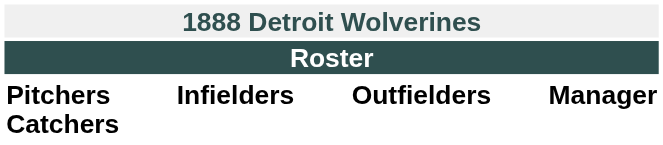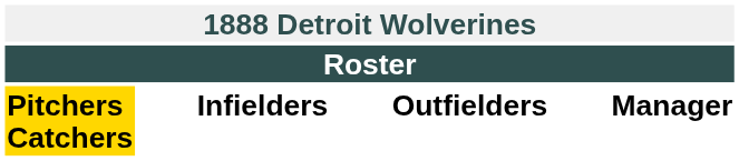 <table class="toccolours" style="font-size: 95%;">
 <tr>
 <th colspan="10" style="background-color: #F0F0F0; color: #2F4F4F; text-align: center;">1888 Detroit Wolverines</th>
 </tr>
 <tr>
 <td colspan="10" style="background-color: #2F4F4F; color: white; text-align: center;"><strong>Roster</strong></td>
 </tr>
 <tr>
-<td valign="top"><strong>Pitchers</strong><br>     <strong>Catchers</strong>     </td>
+<td valign="top" style="background: gold;"><strong>Pitchers</strong><br>     <strong>Catchers</strong>     </td>
 <td width="25px"></td>
 <td valign="top"><strong>Infielders</strong><br>        </td>
 <td width="25px"></td>
 <td valign="top"><strong>Outfielders</strong><br>    </td>
 <td width="25px"></td>
 <td valign="top"><strong>Manager</strong><br> </td>
 </tr>
 </table>
